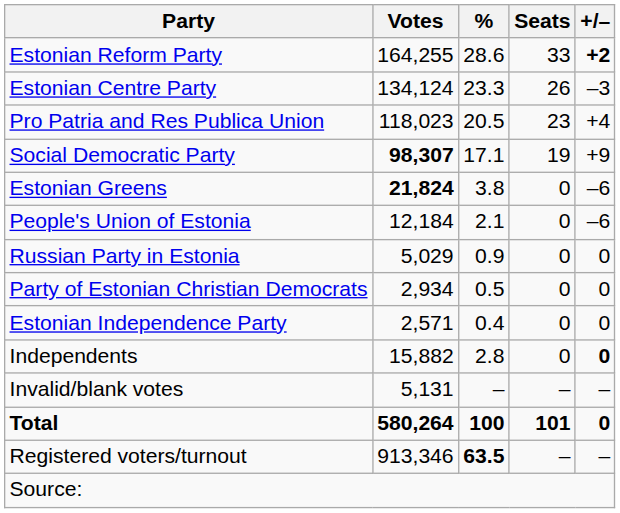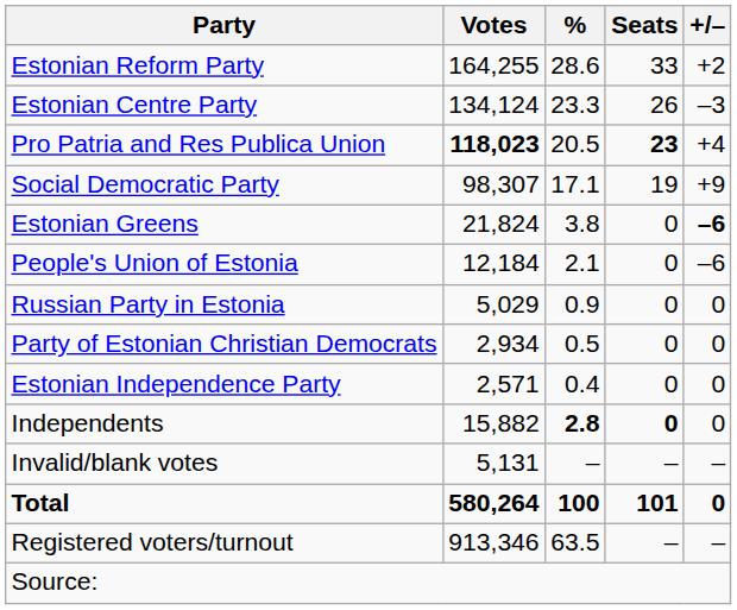 <table class=wikitable style=text-align:right>
 <tr>
 <th>Party</th>
 <th>Votes</th>
 <th>%</th>
 <th>Seats</th>
 <th>+/–</th>
 </tr>
 <tr>
 <td align=left><a href='#'>Estonian Reform Party</a></td>
 <td>164,255</td>
 <td>28.6</td>
 <td>33</td>
-<td><strong>+2</strong></td>
+<td>+2</td>
 </tr>
 <tr>
 <td align=left><a href='#'>Estonian Centre Party</a></td>
 <td>134,124</td>
 <td>23.3</td>
 <td>26</td>
 <td>–3</td>
 </tr>
 <tr>
 <td align=left><a href='#'>Pro Patria and Res Publica Union</a></td>
-<td>118,023</td>
+<td><strong>118,023</strong></td>
 <td>20.5</td>
-<td>23</td>
+<td><strong>23</strong></td>
 <td>+4</td>
 </tr>
 <tr>
 <td align=left><a href='#'>Social Democratic Party</a></td>
-<td><strong>98,307</strong></td>
+<td>98,307</td>
 <td>17.1</td>
 <td>19</td>
 <td>+9</td>
 </tr>
 <tr>
 <td align=left><a href='#'>Estonian Greens</a></td>
-<td><strong>21,824</strong></td>
+<td>21,824</td>
 <td>3.8</td>
 <td>0</td>
-<td>–6</td>
+<td><strong>–6</strong></td>
 </tr>
 <tr>
 <td align=left><a href='#'>People's Union of Estonia</a></td>
 <td>12,184</td>
 <td>2.1</td>
 <td>0</td>
 <td>–6</td>
 </tr>
 <tr>
 <td align=left><a href='#'>Russian Party in Estonia</a></td>
 <td>5,029</td>
 <td>0.9</td>
 <td>0</td>
 <td>0</td>
 </tr>
 <tr>
 <td align=left><a href='#'>Party of Estonian Christian Democrats</a></td>
 <td>2,934</td>
 <td>0.5</td>
 <td>0</td>
 <td>0</td>
 </tr>
 <tr>
 <td align=left><a href='#'>Estonian Independence Party</a></td>
 <td>2,571</td>
 <td>0.4</td>
 <td>0</td>
 <td>0</td>
 </tr>
 <tr>
 <td align=left>Independents</td>
 <td>15,882</td>
-<td>2.8</td>
+<td><strong>2.8</strong></td>
+<td><strong>0</strong></td>
 <td>0</td>
-<td><strong>0</strong></td>
 </tr>
 <tr>
 <td align=left>Invalid/blank votes</td>
 <td>5,131</td>
 <td>–</td>
 <td>–</td>
 <td>–</td>
 </tr>
 <tr>
 <td align=left><strong>Total</strong></td>
 <td><strong>580,264</strong></td>
 <td><strong>100</strong></td>
 <td><strong>101</strong></td>
 <td><strong>0</strong></td>
 </tr>
 <tr>
 <td align=left>Registered voters/turnout</td>
 <td>913,346</td>
-<td><strong>63.5</strong></td>
+<td>63.5</td>
 <td>–</td>
 <td>–</td>
 </tr>
 <tr>
 <td align=left colspan=5>Source: </td>
 </tr>
 </table>
